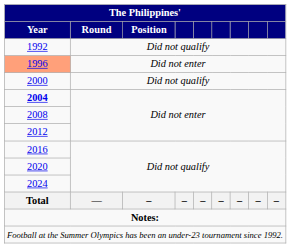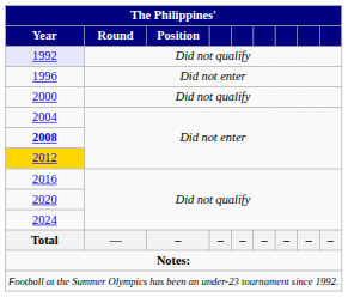 <table class="wikitable" style="text-align: center; font-size:95%;">
 <tr>
 <th colspan="10" style="background:#000080; color: #FFFFFF;">The Philippines' <a href='#'></a></th>
 </tr>
 <tr>
 <th style="background:#000080;color:white;"width=90>Year</th>
 <th style="background:#000080;color:white;"width="70">Round</th>
 <th style="background:#000080;color:white;"width="70">Position</th>
 <th style="background:#000080;color:white;"width="20"></th>
 <th style="background:#000080;color:white;"width="20"></th>
 <th style="background:#000080;color:white;"width="20"></th>
 <th style="background:#000080;color:white;"width="20"></th>
 <th style="background:#000080;color:white;"width="20"></th>
 <th style="background:#000080;color:white;"width="20"></th>
 </tr>
 <tr>
-<td> <a href='#'>1992</a></td>
+<td style="background: lavender;"> <a href='#'>1992</a></td>
 <td colspan=8><em> Did not qualify</em></td>
 </tr>
 <tr>
-<td style="background: lightsalmon;"> <a href='#'>1996</a></td>
+<td> <a href='#'>1996</a></td>
 <td colspan=8><em>Did not enter</em></td>
 </tr>
 <tr>
 <td> <a href='#'>2000</a></td>
 <td colspan=8><em>Did not qualify</em></td>
 </tr>
 <tr>
-<td><strong> <a href='#'>2004</a></strong></td>
+<td> <a href='#'>2004</a></td>
 <td colspan="8" rowspan="3"><em>Did not enter</em></td>
 </tr>
 <tr>
-<td> <a href='#'>2008</a></td>
+<td><strong> <a href='#'>2008</a></strong></td>
 </tr>
 <tr>
-<td> <a href='#'>2012</a></td>
+<td style="background: gold;"> <a href='#'>2012</a></td>
 </tr>
 <tr>
 <td> <a href='#'>2016</a></td>
 <td colspan="8" rowspan="3"><em>Did not qualify</em></td>
 </tr>
 <tr>
 <td> <a href='#'>2020</a></td>
 </tr>
 <tr>
 <td> <a href='#'>2024</a></td>
 </tr>
 <tr>
 <th>Total</th>
 <th>—</th>
 <th>–</th>
 <th>–</th>
 <th>–</th>
 <th>–</th>
 <th>–</th>
 <th>–</th>
 <th>–</th>
 </tr>
 <tr>
 <td colspan=9><strong>Notes:</strong></td>
 </tr>
 <tr>
 <td colspan=9><small><em>Football at the Summer Olympics has been an under-23 tournament since 1992.</em></small></td>
 </tr>
 </table>
